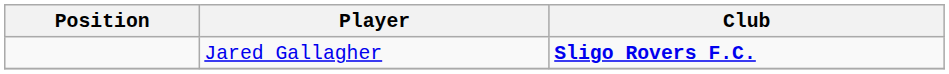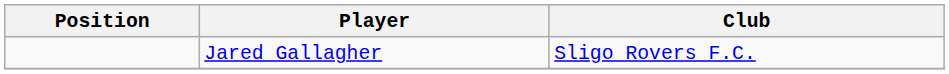 <table class="wikitable sortable" style="width:70%; text-align:center; font-size:100%; text-align:left;">
 <tr>
 <th><strong>Position</strong></th>
 <th><strong>Player</strong></th>
 <th><strong>Club</strong></th>
 </tr>
 <tr>
 <td></td>
 <td> <a href='#'>Jared Gallagher</a></td>
-<td><strong> <a href='#'>Sligo Rovers F.C.</a></strong></td>
+<td> <a href='#'>Sligo Rovers F.C.</a></td>
 </tr>
 <tr>
 </tr>
 </table>
